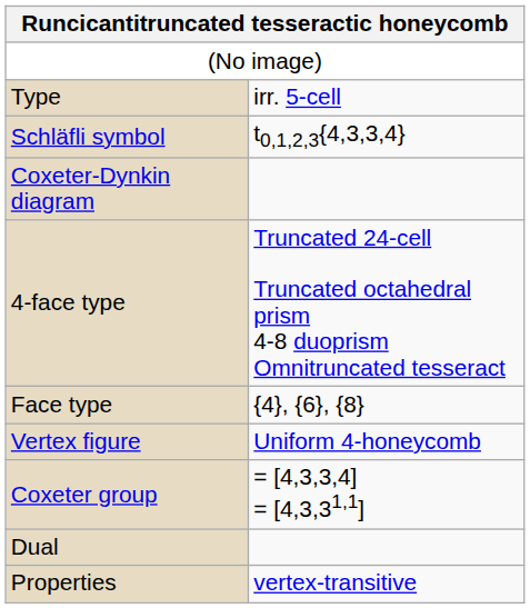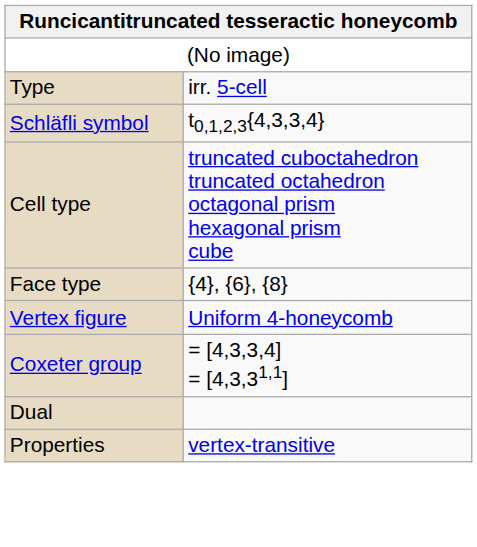 <table class="wikitable" align="right" style="margin-left:10px" width="360">
 <tr>
 <th bgcolor=#e7dcc3 colspan=2>Runcicantitruncated tesseractic honeycomb</th>
 </tr>
 <tr>
 <td bgcolor=#ffffff align=center colspan=2>(No image)</td>
 </tr>
 <tr>
 <td bgcolor=#e7dcc3>Type</td>
 <td>irr. <a href='#'>5-cell</a></td>
 </tr>
 <tr>
 <td bgcolor=#e7dcc3><a href='#'>Schläfli symbol</a></td>
 <td>t<sub>0,1,2,3</sub>{4,3,3,4}</td>
 </tr>
 <tr>
-<td bgcolor=#e7dcc3><a href='#'>Coxeter-Dynkin diagram</a></td>
-<td><br></td>
-</tr>
-<tr>
-<td bgcolor=#e7dcc3>4-face type</td>
-<td><a href='#'>Truncated 24-cell</a> <br><br><a href='#'>Truncated octahedral prism</a> <br> 4-8 <a href='#'>duoprism</a> <br> <a href='#'>Omnitruncated tesseract</a> </td>
+<td bgcolor=#e7dcc3>Cell type</td>
+<td><a href='#'>truncated cuboctahedron</a> <br><a href='#'>truncated octahedron</a> <br><a href='#'>octagonal prism</a> <br><a href='#'>hexagonal prism</a> <br><a href='#'>cube</a> </td>
 </tr>
 <tr>
 <td bgcolor=#e7dcc3>Face type</td>
 <td>{4}, {6}, {8}</td>
 </tr>
 <tr>
 <td bgcolor=#e7dcc3><a href='#'>Vertex figure</a></td>
 <td><a href='#'>Uniform 4-honeycomb</a></td>
 </tr>
 <tr>
 <td bgcolor=#e7dcc3><a href='#'>Coxeter group</a></td>
 <td> = [4,3,3,4]<br> = [4,3,3<sup>1,1</sup>]</td>
 </tr>
 <tr>
 <td bgcolor=#e7dcc3>Dual</td>
 <td></td>
 </tr>
 <tr>
 <td bgcolor=#e7dcc3>Properties</td>
 <td><a href='#'>vertex-transitive</a></td>
 </tr>
 </table>
